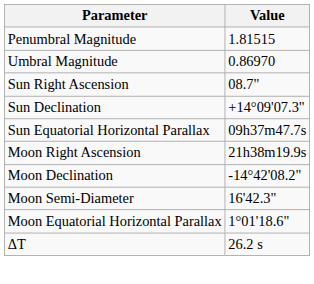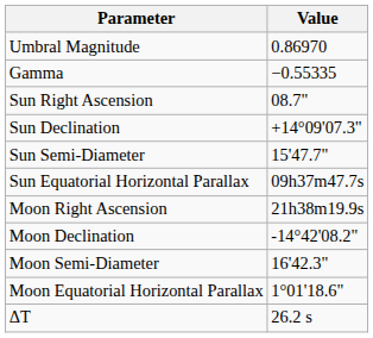 <table class="wikitable">
 <tr>
 <th>Parameter</th>
 <th>Value</th>
 </tr>
 <tr>
-<td>Penumbral Magnitude</td>
-<td>1.81515</td>
+<td>Umbral Magnitude</td>
+<td>0.86970</td>
 </tr>
 <tr>
-<td>Umbral Magnitude</td>
-<td>0.86970</td>
+<td>Gamma</td>
+<td>−0.55335</td>
 </tr>
 <tr>
 <td>Sun Right Ascension</td>
 <td>08.7"</td>
 </tr>
 <tr>
 <td>Sun Declination</td>
 <td>+14°09'07.3"</td>
+</tr>
+<tr>
+<td>Sun Semi-Diameter</td>
+<td>15'47.7"</td>
 </tr>
 <tr>
 <td>Sun Equatorial Horizontal Parallax</td>
 <td>09h37m47.7s</td>
 </tr>
 <tr>
 <td>Moon Right Ascension</td>
 <td>21h38m19.9s</td>
 </tr>
 <tr>
 <td>Moon Declination</td>
 <td>-14°42'08.2"</td>
 </tr>
 <tr>
 <td>Moon Semi-Diameter</td>
 <td>16'42.3"</td>
 </tr>
 <tr>
 <td>Moon Equatorial Horizontal Parallax</td>
 <td>1°01'18.6"</td>
 </tr>
 <tr>
 <td>ΔT</td>
 <td>26.2 s</td>
 </tr>
 </table>
